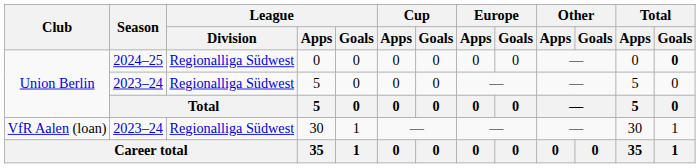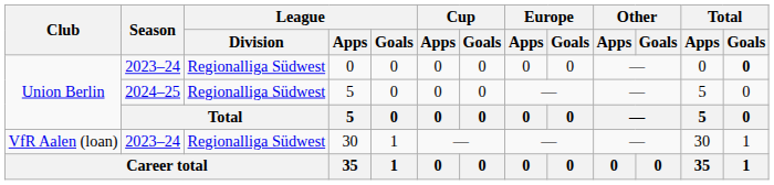 <table class="wikitable" style="text-align:center">
 <tr>
 <th rowspan="2">Club</th>
 <th rowspan="2">Season</th>
 <th colspan="3">League</th>
 <th colspan="2">Cup</th>
 <th colspan="2">Europe</th>
 <th colspan="2">Other</th>
 <th colspan="2">Total</th>
 </tr>
 <tr>
 <th>Division</th>
 <th>Apps</th>
 <th>Goals</th>
 <th>Apps</th>
 <th>Goals</th>
 <th>Apps</th>
 <th>Goals</th>
 <th>Apps</th>
 <th>Goals</th>
 <th>Apps</th>
 <th>Goals</th>
 </tr>
 <tr>
 <td rowspan="3"><a href='#'>Union Berlin</a></td>
-<td><a href='#'>2024–25</a></td>
+<td><a href='#'>2023–24</a></td>
 <td><a href='#'>Regionalliga Südwest</a></td>
 <td>0</td>
 <td>0</td>
 <td>0</td>
 <td>0</td>
 <td>0</td>
 <td>0</td>
 <td colspan="2">—</td>
 <td>0</td>
 <td><strong>0</strong></td>
 </tr>
 <tr>
-<td><a href='#'>2023–24</a></td>
+<td><a href='#'>2024–25</a></td>
 <td><a href='#'>Regionalliga Südwest</a></td>
 <td>5</td>
 <td>0</td>
 <td>0</td>
 <td>0</td>
 <td colspan="2">—</td>
 <td colspan="2">—</td>
 <td>5</td>
 <td>0</td>
 </tr>
 <tr>
 <th colspan="2">Total</th>
 <th>5</th>
 <th>0</th>
 <th>0</th>
 <th>0</th>
 <th>0</th>
 <th>0</th>
 <th colspan="2">—</th>
 <th>5</th>
 <th>0</th>
 </tr>
 <tr>
 <td><a href='#'>VfR Aalen</a> (loan)</td>
 <td><a href='#'>2023–24</a></td>
 <td><a href='#'>Regionalliga Südwest</a></td>
 <td>30</td>
 <td>1</td>
 <td colspan="2">—</td>
 <td colspan="2">—</td>
 <td colspan="2">—</td>
 <td>30</td>
 <td>1</td>
 </tr>
 <tr>
 <th colspan="3">Career total</th>
 <th>35</th>
 <th>1</th>
 <th>0</th>
 <th>0</th>
 <th>0</th>
 <th>0</th>
 <th>0</th>
 <th>0</th>
 <th>35</th>
 <th>1</th>
 </tr>
 </table>
